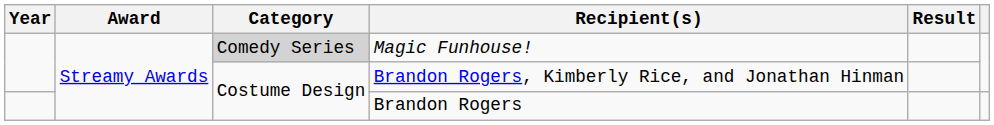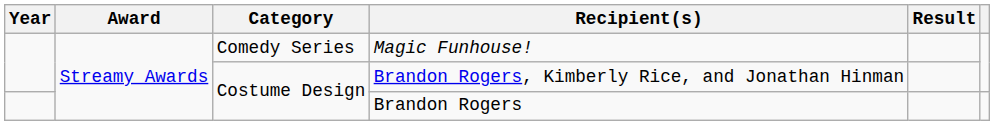 <table class="wikitable sortable">
 <tr>
 <th>Year</th>
 <th>Award</th>
 <th>Category</th>
 <th>Recipient(s)</th>
 <th>Result</th>
 <th scope="col" class="unsortable"></th>
 </tr>
 <tr>
 <td rowspan=2></td>
 <td rowspan=3><a href='#'>Streamy Awards</a></td>
-<td style="background: lightgrey;">Comedy Series</td>
+<td>Comedy Series</td>
 <td><em>Magic Funhouse!</em></td>
 <td></td>
 <td rowspan=2></td>
 </tr>
 <tr>
 <td rowspan=2>Costume Design</td>
 <td><a href='#'>Brandon Rogers</a>, Kimberly Rice, and Jonathan Hinman</td>
 <td></td>
 </tr>
 <tr>
 <td></td>
 <td>Brandon Rogers</td>
 <td></td>
 <td></td>
 </tr>
 </table>
